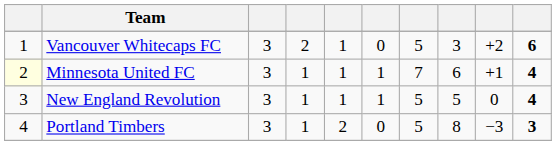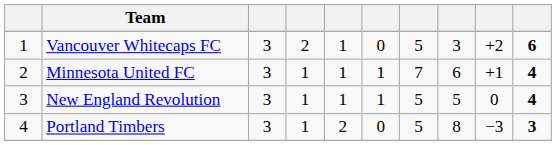 <table class="wikitable" style="text-align: center;">
 <tr>
 <th width="28"></th>
 <th width="185">Team</th>
 <th width="28"></th>
 <th width="28"></th>
 <th width="28"></th>
 <th width="28"></th>
 <th width="28"></th>
 <th width="28"></th>
 <th width="28"></th>
 <th width="28"></th>
 </tr>
 <tr style="background-color:#">
 </tr>
 <tr>
 </tr>
 <tr>
 <td>1</td>
 <td style="text-align:left;"><a href='#'>Vancouver Whitecaps FC</a></td>
 <td>3</td>
 <td>2</td>
 <td>1</td>
 <td>0</td>
 <td>5</td>
 <td>3</td>
 <td>+2</td>
 <td><strong>6</strong></td>
 </tr>
 <tr>
-<td style="background: lightyellow;">2</td>
+<td>2</td>
 <td style="text-align:left;"><a href='#'>Minnesota United FC</a></td>
 <td>3</td>
 <td>1</td>
 <td>1</td>
 <td>1</td>
 <td>7</td>
 <td>6</td>
 <td>+1</td>
 <td><strong>4</strong></td>
 </tr>
 <tr>
 <td>3</td>
 <td style="text-align:left;"><a href='#'>New England Revolution</a></td>
 <td>3</td>
 <td>1</td>
 <td>1</td>
 <td>1</td>
 <td>5</td>
 <td>5</td>
 <td>0</td>
 <td><strong>4</strong></td>
 </tr>
 <tr>
 <td>4</td>
 <td style="text-align:left;"><a href='#'>Portland Timbers</a></td>
 <td>3</td>
 <td>1</td>
 <td>2</td>
 <td>0</td>
 <td>5</td>
 <td>8</td>
 <td>−3</td>
 <td><strong>3</strong></td>
 </tr>
 <tr>
 </tr>
 </table>
